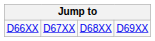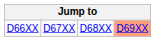 <table class=wikitable ">
 <tr>
 <th colspan="4">Jump  to</th>
 </tr>
 <tr>
 <td><a href='#'>D66XX</a></td>
 <td><a href='#'>D67XX</a></td>
 <td><a href='#'>D68XX</a></td>
-<td><a href='#'>D69XX</a></td>
+<td style="background: lightsalmon;"><a href='#'>D69XX</a></td>
 </tr>
 </table>
